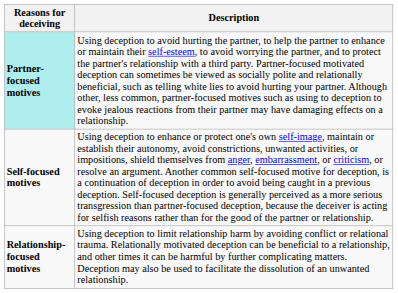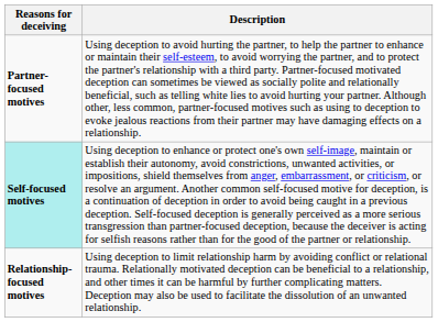 <table class="wikitable">
 <tr>
 <th>Reasons for deceiving</th>
 <th>Description</th>
 </tr>
 <tr>
-<td style="background: paleturquoise;"><strong>Partner-focused motives</strong></td>
+<td><strong>Partner-focused motives</strong></td>
 <td>Using deception to avoid hurting the partner, to help the partner to enhance or maintain their <a href='#'>self-esteem</a>, to avoid worrying the partner, and to protect the partner's relationship with a third party. Partner-focused motivated deception can sometimes be viewed as socially polite and relationally beneficial, such as telling white lies to avoid hurting your partner. Although other, less common, partner-focused motives such as using to deception to evoke jealous reactions from their partner may have damaging effects on a relationship.</td>
 </tr>
 <tr>
-<td><strong>Self-focused motives</strong></td>
+<td style="background: paleturquoise;"><strong>Self-focused motives</strong></td>
 <td>Using deception to enhance or protect one's own <a href='#'>self-image</a>, maintain or establish their autonomy, avoid constrictions, unwanted activities, or impositions, shield themselves from <a href='#'>anger</a>, <a href='#'>embarrassment</a>, or <a href='#'>criticism</a>, or resolve an argument. Another common self-focused motive for deception, is a continuation of deception in order to avoid being caught in a previous deception. Self-focused deception is generally perceived as a more serious transgression than partner-focused deception, because the deceiver is acting for selfish reasons rather than for the good of the partner or relationship.</td>
 </tr>
 <tr>
 <td><strong>Relationship-focused motives</strong></td>
 <td>Using deception to limit relationship harm by avoiding conflict or relational trauma. Relationally motivated deception can be beneficial to a relationship, and other times it can be harmful by further complicating matters. Deception may also be used to facilitate the dissolution of an unwanted relationship.</td>
 </tr>
 </table>
